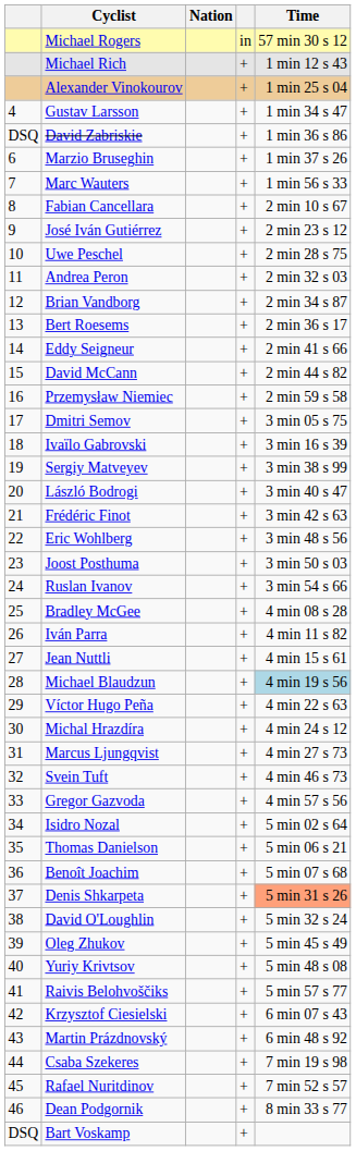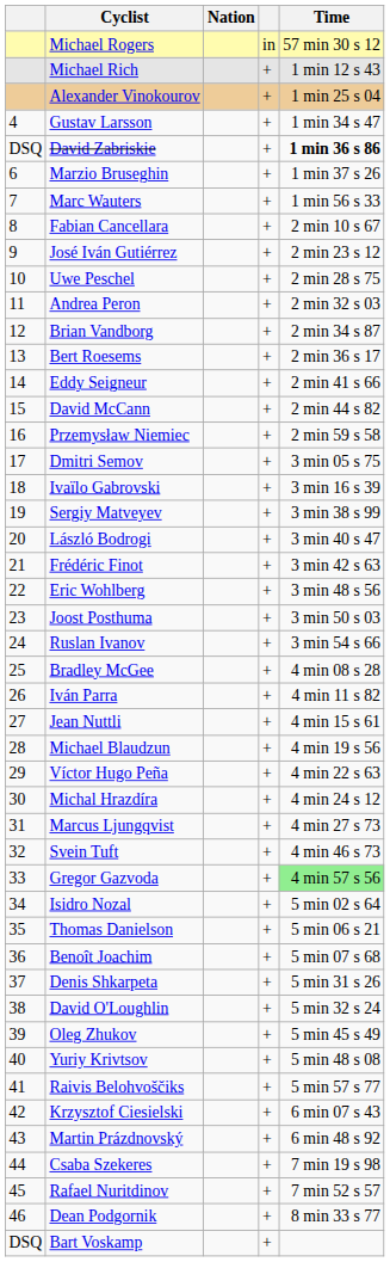 <table class="wikitable">
 <tr>
 <th scope=col></th>
 <th scope=col>Cyclist</th>
 <th scope=col>Nation</th>
 <th scope=col></th>
 <th scope=col>Time</th>
 </tr>
 <tr bgcolor=fffcaf>
 <td></td>
 <td><a href='#'>Michael Rogers</a></td>
 <td></td>
 <td>in</td>
 <td>57 min 30 s 12</td>
 </tr>
 <tr bgcolor=e5e5e5>
 <td></td>
 <td><a href='#'>Michael Rich</a></td>
 <td></td>
 <td>+</td>
 <td align=right>1 min 12 s 43</td>
 </tr>
 <tr bgcolor=eecc99>
 <td></td>
 <td><a href='#'>Alexander Vinokourov</a></td>
 <td></td>
 <td>+</td>
 <td align=right>1 min 25 s 04</td>
 </tr>
 <tr>
 <td>4</td>
 <td><a href='#'>Gustav Larsson</a></td>
 <td></td>
 <td>+</td>
 <td align=right>1 min 34 s 47</td>
 </tr>
 <tr>
 <td>DSQ</td>
 <td><s><a href='#'>David Zabriskie</a></s></td>
 <td></td>
 <td>+</td>
-<td align=right>1 min 36 s 86</td>
+<td align=right><strong>1 min 36 s 86</strong></td>
 </tr>
 <tr>
 <td>6</td>
 <td><a href='#'>Marzio Bruseghin</a></td>
 <td></td>
 <td>+</td>
 <td align=right>1 min 37 s 26</td>
 </tr>
 <tr>
 <td>7</td>
 <td><a href='#'>Marc Wauters</a></td>
 <td></td>
 <td>+</td>
 <td align=right>1 min 56 s 33</td>
 </tr>
 <tr>
 <td>8</td>
 <td><a href='#'>Fabian Cancellara</a></td>
 <td></td>
 <td>+</td>
 <td align=right>2 min 10 s 67</td>
 </tr>
 <tr>
 <td>9</td>
 <td><a href='#'>José Iván Gutiérrez</a></td>
 <td></td>
 <td>+</td>
 <td align=right>2 min 23 s 12</td>
 </tr>
 <tr>
 <td>10</td>
 <td><a href='#'>Uwe Peschel</a></td>
 <td></td>
 <td>+</td>
 <td align=right>2 min 28 s 75</td>
 </tr>
 <tr>
 <td>11</td>
 <td><a href='#'>Andrea Peron</a></td>
 <td></td>
 <td>+</td>
 <td align=right>2 min 32 s 03</td>
 </tr>
 <tr>
 <td>12</td>
 <td><a href='#'>Brian Vandborg</a></td>
 <td></td>
 <td>+</td>
 <td align=right>2 min 34 s 87</td>
 </tr>
 <tr>
 <td>13</td>
 <td><a href='#'>Bert Roesems</a></td>
 <td></td>
 <td>+</td>
 <td align=right>2 min 36 s 17</td>
 </tr>
 <tr>
 <td>14</td>
 <td><a href='#'>Eddy Seigneur</a></td>
 <td></td>
 <td>+</td>
 <td align=right>2 min 41 s 66</td>
 </tr>
 <tr>
 <td>15</td>
 <td><a href='#'>David McCann</a></td>
 <td></td>
 <td>+</td>
 <td align=right>2 min 44 s 82</td>
 </tr>
 <tr>
 <td>16</td>
 <td><a href='#'>Przemysław Niemiec</a></td>
 <td></td>
 <td>+</td>
 <td align=right>2 min 59 s 58</td>
 </tr>
 <tr>
 <td>17</td>
 <td><a href='#'>Dmitri Semov</a></td>
 <td></td>
 <td>+</td>
 <td align=right>3 min 05 s 75</td>
 </tr>
 <tr>
 <td>18</td>
 <td><a href='#'>Ivaïlo Gabrovski</a></td>
 <td></td>
 <td>+</td>
 <td align=right>3 min 16 s 39</td>
 </tr>
 <tr>
 <td>19</td>
 <td><a href='#'>Sergiy Matveyev</a></td>
 <td></td>
 <td>+</td>
 <td align=right>3 min 38 s 99</td>
 </tr>
 <tr>
 <td>20</td>
 <td><a href='#'>László Bodrogi</a></td>
 <td></td>
 <td>+</td>
 <td align=right>3 min 40 s 47</td>
 </tr>
 <tr>
 <td>21</td>
 <td><a href='#'>Frédéric Finot</a></td>
 <td></td>
 <td>+</td>
 <td align=right>3 min 42 s 63</td>
 </tr>
 <tr>
 <td>22</td>
 <td><a href='#'>Eric Wohlberg</a></td>
 <td></td>
 <td>+</td>
 <td align=right>3 min 48 s 56</td>
 </tr>
 <tr>
 <td>23</td>
 <td><a href='#'>Joost Posthuma</a></td>
 <td></td>
 <td>+</td>
 <td align=right>3 min 50 s 03</td>
 </tr>
 <tr>
 <td>24</td>
 <td><a href='#'>Ruslan Ivanov</a></td>
 <td></td>
 <td>+</td>
 <td align=right>3 min 54 s 66</td>
 </tr>
 <tr>
 <td>25</td>
 <td><a href='#'>Bradley McGee</a></td>
 <td></td>
 <td>+</td>
 <td align=right>4 min 08 s 28</td>
 </tr>
 <tr>
 <td>26</td>
 <td><a href='#'>Iván Parra</a></td>
 <td></td>
 <td>+</td>
 <td align=right>4 min 11 s 82</td>
 </tr>
 <tr>
 <td>27</td>
 <td><a href='#'>Jean Nuttli</a></td>
 <td></td>
 <td>+</td>
 <td align=right>4 min 15 s 61</td>
 </tr>
 <tr>
 <td>28</td>
 <td><a href='#'>Michael Blaudzun</a></td>
 <td></td>
 <td>+</td>
-<td align=right style="background: lightblue;">4 min 19 s 56</td>
+<td align=right>4 min 19 s 56</td>
 </tr>
 <tr>
 <td>29</td>
 <td><a href='#'>Víctor Hugo Peña</a></td>
 <td></td>
 <td>+</td>
 <td align=right>4 min 22 s 63</td>
 </tr>
 <tr>
 <td>30</td>
 <td><a href='#'>Michal Hrazdíra</a></td>
 <td></td>
 <td>+</td>
 <td align=right>4 min 24 s 12</td>
 </tr>
 <tr>
 <td>31</td>
 <td><a href='#'>Marcus Ljungqvist</a></td>
 <td></td>
 <td>+</td>
 <td align=right>4 min 27 s 73</td>
 </tr>
 <tr>
 <td>32</td>
 <td><a href='#'>Svein Tuft</a></td>
 <td></td>
 <td>+</td>
 <td align=right>4 min 46 s 73</td>
 </tr>
 <tr>
 <td>33</td>
 <td><a href='#'>Gregor Gazvoda</a></td>
 <td></td>
 <td>+</td>
-<td align=right>4 min 57 s 56</td>
+<td align=right style="background: lightgreen;">4 min 57 s 56</td>
 </tr>
 <tr>
 <td>34</td>
 <td><a href='#'>Isidro Nozal</a></td>
 <td></td>
 <td>+</td>
 <td align=right>5 min 02 s 64</td>
 </tr>
 <tr>
 <td>35</td>
 <td><a href='#'>Thomas Danielson</a></td>
 <td></td>
 <td>+</td>
 <td align=right>5 min 06 s 21</td>
 </tr>
 <tr>
 <td>36</td>
 <td><a href='#'>Benoît Joachim</a></td>
 <td></td>
 <td>+</td>
 <td align=right>5 min 07 s 68</td>
 </tr>
 <tr>
 <td>37</td>
 <td><a href='#'>Denis Shkarpeta</a></td>
 <td></td>
 <td>+</td>
-<td align=right style="background: lightsalmon;">5 min 31 s 26</td>
+<td align=right>5 min 31 s 26</td>
 </tr>
 <tr>
 <td>38</td>
 <td><a href='#'>David O'Loughlin</a></td>
 <td></td>
 <td>+</td>
 <td align=right>5 min 32 s 24</td>
 </tr>
 <tr>
 <td>39</td>
 <td><a href='#'>Oleg Zhukov</a></td>
 <td></td>
 <td>+</td>
 <td align=right>5 min 45 s 49</td>
 </tr>
 <tr>
 <td>40</td>
 <td><a href='#'>Yuriy Krivtsov</a></td>
 <td></td>
 <td>+</td>
 <td align=right>5 min 48 s 08</td>
 </tr>
 <tr>
 <td>41</td>
 <td><a href='#'>Raivis Belohvoščiks</a></td>
 <td></td>
 <td>+</td>
 <td align=right>5 min 57 s 77</td>
 </tr>
 <tr>
 <td>42</td>
 <td><a href='#'>Krzysztof Ciesielski</a></td>
 <td></td>
 <td>+</td>
 <td align=right>6 min 07 s 43</td>
 </tr>
 <tr>
 <td>43</td>
 <td><a href='#'>Martin Prázdnovský</a></td>
 <td></td>
 <td>+</td>
 <td align=right>6 min 48 s 92</td>
 </tr>
 <tr>
 <td>44</td>
 <td><a href='#'>Csaba Szekeres</a></td>
 <td></td>
 <td>+</td>
 <td align=right>7 min 19 s 98</td>
 </tr>
 <tr>
 <td>45</td>
 <td><a href='#'>Rafael Nuritdinov</a></td>
 <td></td>
 <td>+</td>
 <td align=right>7 min 52 s 57</td>
 </tr>
 <tr>
 <td>46</td>
 <td><a href='#'>Dean Podgornik</a></td>
 <td></td>
 <td>+</td>
 <td align=right>8 min 33 s 77</td>
 </tr>
 <tr>
 <td>DSQ</td>
 <td><a href='#'>Bart Voskamp</a></td>
 <td></td>
 <td>+</td>
 <td align=right></td>
 </tr>
 </table>
